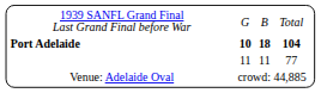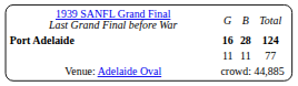 <table style="margin-left:4px; float:right; border:1px #000 solid; border-radius:8px; background:#fff; font-family:Verdana; font-size:8pt; text-align:center;">
 <tr>
 <td width=200><a href='#'>1939 SANFL Grand Final</a><br><em>Last Grand Final before War</em></td>
 <td><em>G</em></td>
 <td><em>B</em></td>
 <td><em>Total</em></td>
 </tr>
 <tr>
 <td style="text-align:left"><strong>Port Adelaide</strong></td>
-<td><strong>10</strong></td>
-<td><strong>18</strong></td>
-<td><strong>104</strong></td>
+<td><strong>16</strong></td>
+<td><strong>28</strong></td>
+<td><strong>124</strong></td>
 </tr>
 <tr>
 <td style="text-align:left"></td>
 <td>11</td>
 <td>11</td>
 <td>77</td>
 </tr>
 <tr>
 <td>Venue: <a href='#'>Adelaide Oval</a></td>
 <td colspan=3>crowd: 44,885</td>
 <td colspan=3></td>
 </tr>
 </table>
